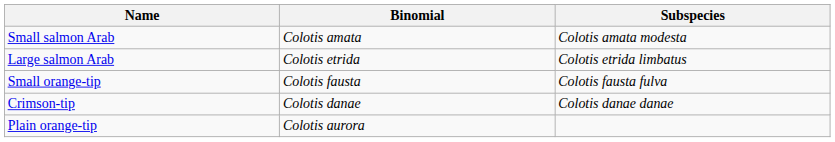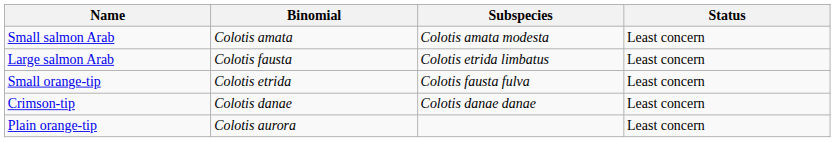 <table width=60% class="wikitable">
 <tr>
 <th width=20%>Name</th>
 <th width=20%>Binomial</th>
 <th width=20%>Subspecies</th>
+<th width=20%>Status</th>
 </tr>
 <tr>
 <td><a href='#'>Small salmon Arab</a><br> </td>
 <td><em>Colotis amata</em></td>
 <td><em>Colotis amata modesta</em></td>
+<td>Least concern</td>
 </tr>
 <tr>
 <td><a href='#'>Large salmon Arab</a><br> </td>
-<td><em>Colotis etrida</em></td>
+<td><em>Colotis fausta</em></td>
 <td><em>Colotis etrida limbatus</em></td>
+<td>Least concern</td>
 </tr>
 <tr>
 <td><a href='#'>Small orange-tip</a><br> </td>
-<td><em>Colotis fausta</em></td>
+<td><em>Colotis etrida</em></td>
 <td><em>Colotis fausta fulva</em></td>
+<td>Least concern</td>
 </tr>
 <tr>
 <td><a href='#'>Crimson-tip</a><br> </td>
 <td><em>Colotis danae</em></td>
 <td><em>Colotis danae danae</em></td>
+<td>Least concern</td>
 </tr>
 <tr>
 <td><a href='#'>Plain orange-tip</a><br> </td>
 <td><em>Colotis aurora</em></td>
 <td></td>
+<td>Least concern</td>
 </tr>
 </table>
